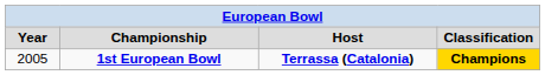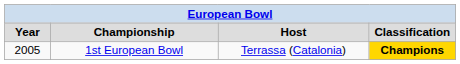 <table class="wikitable" style=font-size:90%>
 <tr align=center style="background:#ccddee;">
 <td colspan=4><strong><a href='#'>European Bowl</a></strong></td>
 </tr>
 <tr align=center bgcolor="#dddddd">
 <td width=50><strong>Year</strong></td>
 <td width=200><strong>Championship</strong></td>
 <td width=180><strong>Host</strong></td>
 <td width=100><strong>Classification</strong></td>
 </tr>
 <tr align=center>
 <td>2005</td>
-<td><strong><a href='#'>1st European Bowl</a></strong></td>
-<td><strong><a href='#'>Terrassa</a> (<a href='#'>Catalonia</a>)</strong></td>
+<td><a href='#'>1st European Bowl</a></td>
+<td><a href='#'>Terrassa</a> (<a href='#'>Catalonia</a>)</td>
 <td bgcolor="gold" align="center"> <strong>Champions</strong></td>
 </tr>
 </table>
